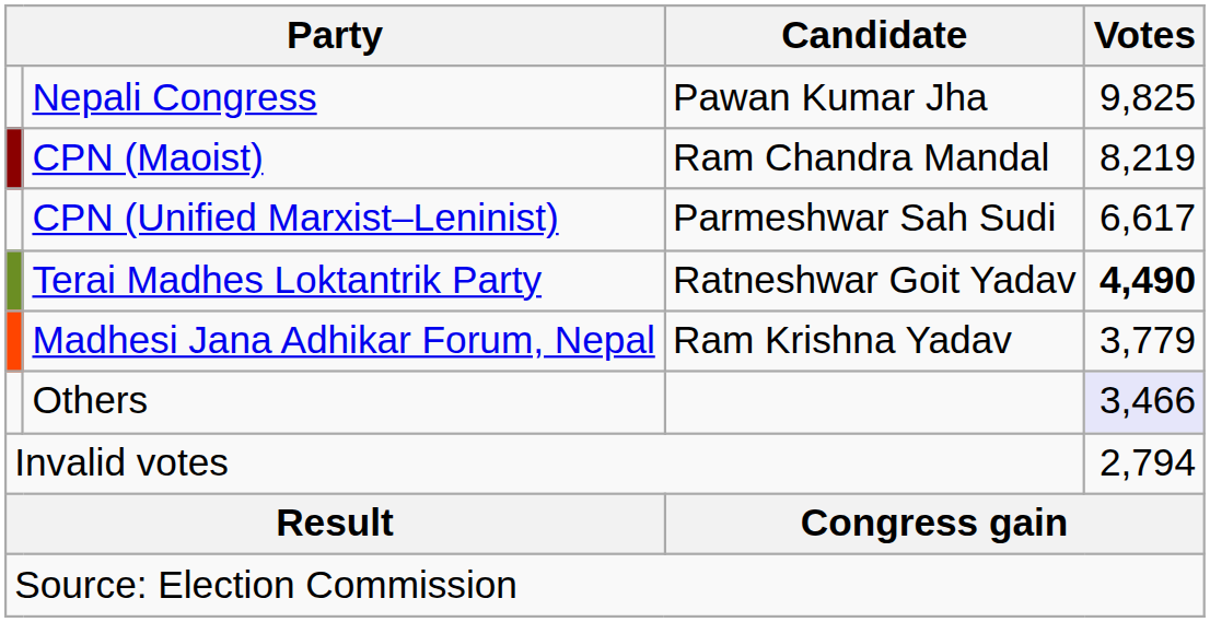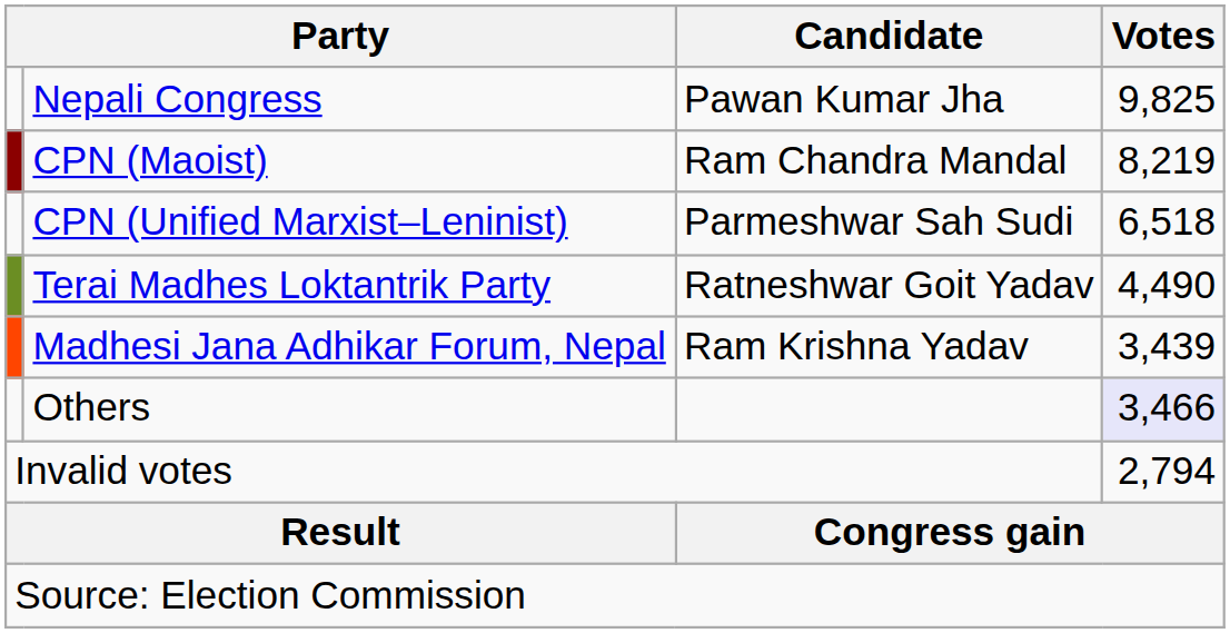 <table class="wikitable">
 <tr>
 <th colspan="2">Party</th>
 <th>Candidate</th>
 <th>Votes</th>
 </tr>
 <tr>
 <td style="background-color:"></td>
 <td><a href='#'>Nepali Congress</a></td>
 <td>Pawan Kumar Jha</td>
 <td style="text-align:right ">9,825</td>
 </tr>
 <tr>
 <td style="background-color:darkred"></td>
 <td><a href='#'>CPN (Maoist)</a></td>
 <td>Ram Chandra Mandal</td>
 <td style="text-align:right ">8,219</td>
 </tr>
 <tr>
 <td style="background-color:"></td>
 <td><a href='#'>CPN (Unified Marxist–Leninist)</a></td>
 <td>Parmeshwar Sah Sudi</td>
-<td style="text-align:right ">6,617</td>
+<td style="text-align:right ">6,518</td>
 </tr>
 <tr>
 <td style="background-color:olivedrab"></td>
 <td><a href='#'>Terai Madhes Loktantrik Party</a></td>
 <td>Ratneshwar Goit Yadav</td>
-<td style="text-align:right "><strong>4,490</strong></td>
+<td style="text-align:right ">4,490</td>
 </tr>
 <tr>
 <td style="background-color:orangered"></td>
 <td><a href='#'>Madhesi Jana Adhikar Forum, Nepal</a></td>
 <td>Ram Krishna Yadav</td>
-<td style="text-align:right ">3,779</td>
+<td style="text-align:right ">3,439</td>
 </tr>
 <tr>
 <td></td>
 <td>Others</td>
 <td></td>
 <td style="background: lavender; text-align:right ">3,466</td>
 </tr>
 <tr>
 <td colspan="3">Invalid votes</td>
 <td style="text-align:right ">2,794</td>
 </tr>
 <tr>
 <th colspan="2">Result</th>
 <th colspan="2">Congress gain</th>
 </tr>
 <tr>
 <td colspan="4">Source: Election Commission</td>
 </tr>
 </table>
